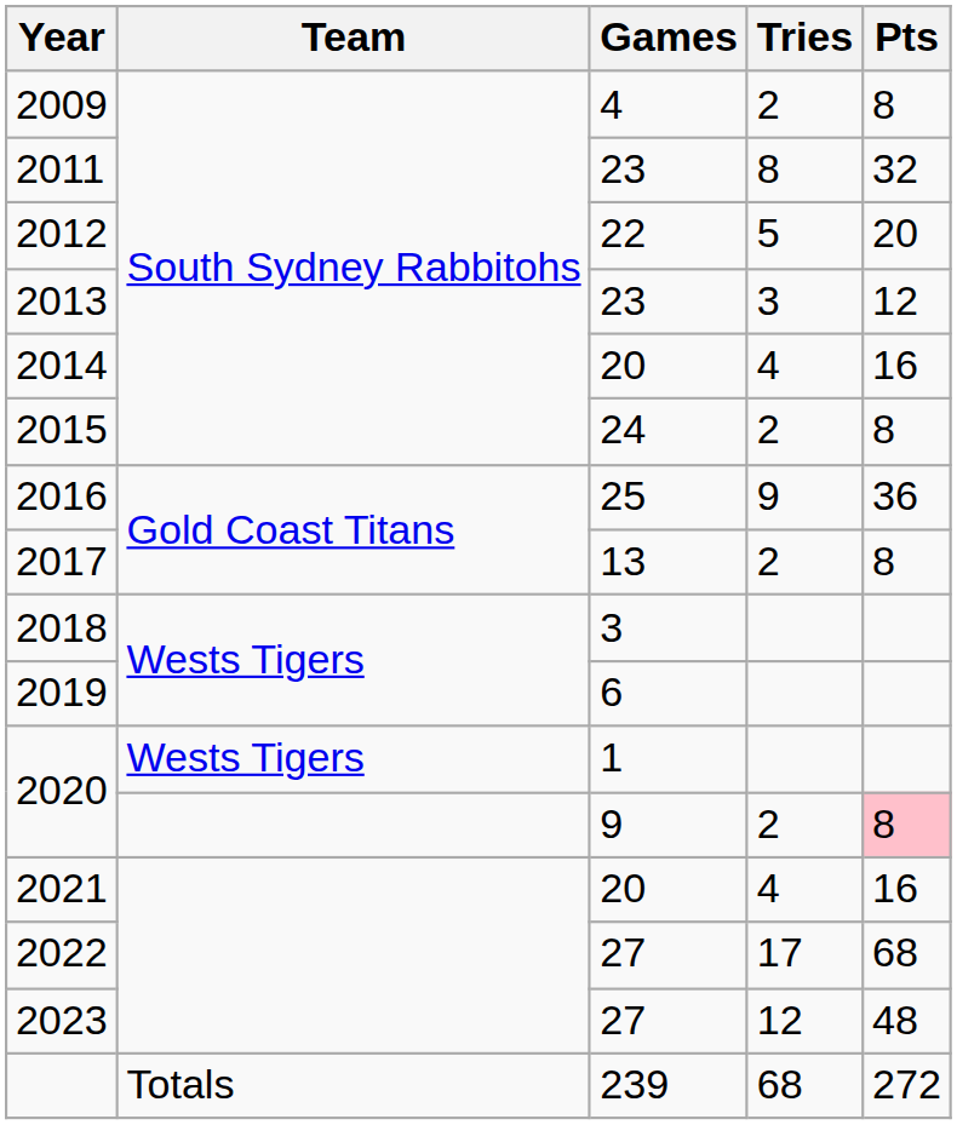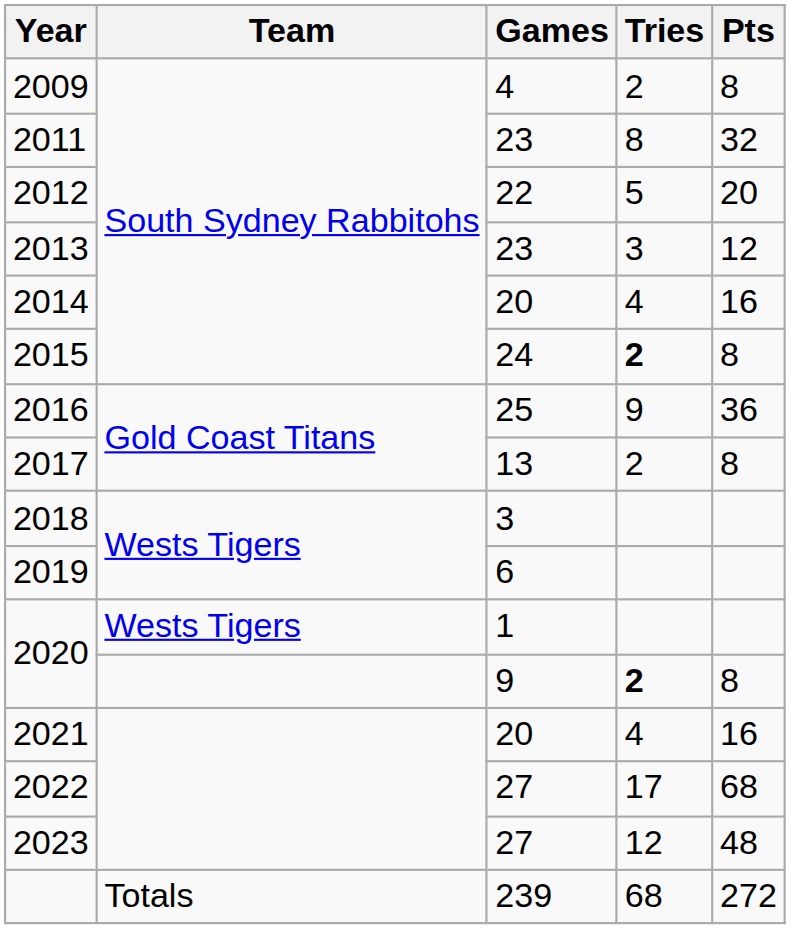 <table class="wikitable">
 <tr>
 <th>Year</th>
 <th>Team</th>
 <th>Games</th>
 <th>Tries</th>
 <th>Pts</th>
 </tr>
 <tr>
 <td>2009</td>
 <td rowspan="6"> <a href='#'>South Sydney Rabbitohs</a></td>
 <td>4</td>
 <td>2</td>
 <td>8</td>
 </tr>
 <tr>
 <td>2011</td>
 <td>23</td>
 <td>8</td>
 <td>32</td>
 </tr>
 <tr>
 <td>2012</td>
 <td>22</td>
 <td>5</td>
 <td>20</td>
 </tr>
 <tr>
 <td>2013</td>
 <td>23</td>
 <td>3</td>
 <td>12</td>
 </tr>
 <tr>
 <td>2014</td>
 <td>20</td>
 <td>4</td>
 <td>16</td>
 </tr>
 <tr>
 <td>2015</td>
 <td>24</td>
-<td>2</td>
+<td><strong>2</strong></td>
 <td>8</td>
 </tr>
 <tr>
 <td>2016</td>
 <td rowspan="2"> <a href='#'>Gold Coast Titans</a></td>
 <td>25</td>
 <td>9</td>
 <td>36</td>
 </tr>
 <tr>
 <td>2017</td>
 <td>13</td>
 <td>2</td>
 <td>8</td>
 </tr>
 <tr>
 <td>2018</td>
 <td rowspan="2"> <a href='#'>Wests Tigers</a></td>
 <td>3</td>
 <td></td>
 <td></td>
 </tr>
 <tr>
 <td>2019</td>
 <td>6</td>
 <td></td>
 <td></td>
 </tr>
 <tr>
 <td rowspan="2">2020</td>
 <td> <a href='#'>Wests Tigers</a></td>
 <td>1</td>
 <td></td>
 <td></td>
 </tr>
 <tr>
 <td></td>
 <td>9</td>
-<td>2</td>
-<td style="background: pink;">8</td>
+<td><strong>2</strong></td>
+<td>8</td>
 </tr>
 <tr>
 <td>2021</td>
 <td rowspan="3"></td>
 <td>20</td>
 <td>4</td>
 <td>16</td>
 </tr>
 <tr>
 <td>2022</td>
 <td>27</td>
 <td>17</td>
 <td>68</td>
 </tr>
 <tr>
 <td>2023</td>
 <td>27</td>
 <td>12</td>
 <td>48</td>
 </tr>
 <tr>
 <td></td>
 <td>Totals</td>
 <td>239</td>
 <td>68</td>
 <td>272</td>
 </tr>
 </table>
